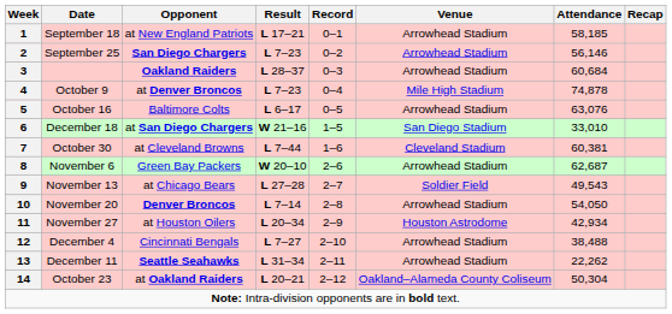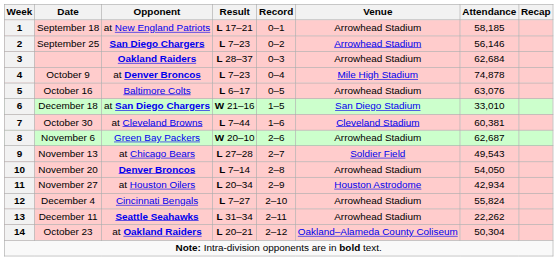 <table class="wikitable" style="text-align:center">
 <tr>
 <th>Week</th>
 <th>Date</th>
 <th>Opponent</th>
 <th>Result</th>
 <th>Record</th>
 <th>Venue</th>
 <th>Attendance</th>
 <th>Recap</th>
 </tr>
 <tr style="background:#fcc">
 <th>1</th>
 <td>September 18</td>
 <td>at <a href='#'>New England Patriots</a></td>
 <td><strong>L</strong> 17–21</td>
 <td>0–1</td>
 <td>Arrowhead Stadium</td>
 <td>58,185</td>
 <td></td>
 </tr>
 <tr style="background:#fcc">
 <th>2</th>
 <td>September 25</td>
 <td><strong><a href='#'>San Diego Chargers</a></strong></td>
 <td><strong>L</strong> 7–23</td>
 <td>0–2</td>
 <td><a href='#'>Arrowhead Stadium</a></td>
 <td>56,146</td>
 <td></td>
 </tr>
 <tr style="background:#fcc">
 <th>3</th>
 <td></td>
 <td><strong><a href='#'>Oakland Raiders</a></strong></td>
 <td><strong>L</strong> 28–37</td>
 <td>0–3</td>
 <td>Arrowhead Stadium</td>
-<td>60,684</td>
+<td>62,684</td>
 <td></td>
 </tr>
 <tr style="background:#fcc">
 <th>4</th>
 <td>October 9</td>
 <td>at <strong><a href='#'>Denver Broncos</a></strong></td>
 <td><strong>L</strong> 7–23</td>
 <td>0–4</td>
 <td><a href='#'>Mile High Stadium</a></td>
 <td>74,878</td>
 <td></td>
 </tr>
 <tr style="background:#fcc">
 <th>5</th>
 <td>October 16</td>
 <td><a href='#'>Baltimore Colts</a></td>
 <td><strong>L</strong> 6–17</td>
 <td>0–5</td>
 <td>Arrowhead Stadium</td>
 <td>63,076</td>
 <td></td>
 </tr>
 <tr style="background:#cfc">
 <th>6</th>
 <td>December 18</td>
 <td>at <strong><a href='#'>San Diego Chargers</a></strong></td>
 <td><strong>W</strong> 21–16</td>
 <td>1–5</td>
 <td><a href='#'>San Diego Stadium</a></td>
 <td>33,010</td>
 <td></td>
 </tr>
 <tr style="background:#fcc">
 <th>7</th>
 <td>October 30</td>
 <td>at <a href='#'>Cleveland Browns</a></td>
 <td><strong>L</strong> 7–44</td>
 <td>1–6</td>
 <td><a href='#'>Cleveland Stadium</a></td>
 <td>60,381</td>
 <td></td>
 </tr>
 <tr style="background:#cfc">
 <th>8</th>
 <td>November 6</td>
 <td><a href='#'>Green Bay Packers</a></td>
 <td><strong>W</strong> 20–10</td>
 <td>2–6</td>
 <td>Arrowhead Stadium</td>
 <td>62,687</td>
 <td></td>
 </tr>
 <tr style="background:#fcc">
 <th>9</th>
 <td>November 13</td>
 <td>at <a href='#'>Chicago Bears</a></td>
 <td><strong>L</strong> 27–28</td>
 <td>2–7</td>
 <td><a href='#'>Soldier Field</a></td>
 <td>49,543</td>
 <td></td>
 </tr>
 <tr style="background:#fcc">
 <th>10</th>
 <td>November 20</td>
 <td><strong><a href='#'>Denver Broncos</a></strong></td>
 <td><strong>L</strong> 7–14</td>
 <td>2–8</td>
 <td>Arrowhead Stadium</td>
 <td>54,050</td>
 <td></td>
 </tr>
 <tr style="background:#fcc">
 <th>11</th>
 <td>November 27</td>
 <td>at <a href='#'>Houston Oilers</a></td>
 <td><strong>L</strong> 20–34</td>
 <td>2–9</td>
 <td><a href='#'>Houston Astrodome</a></td>
 <td>42,934</td>
 <td></td>
 </tr>
 <tr style="background:#fcc">
 <th>12</th>
 <td>December 4</td>
 <td><a href='#'>Cincinnati Bengals</a></td>
 <td><strong>L</strong> 7–27</td>
 <td>2–10</td>
 <td>Arrowhead Stadium</td>
-<td>38,488</td>
+<td>55,824</td>
 <td></td>
 </tr>
 <tr style="background:#fcc">
 <th>13</th>
 <td>December 11</td>
 <td><strong><a href='#'>Seattle Seahawks</a></strong></td>
 <td><strong>L</strong> 31–34</td>
 <td>2–11</td>
 <td>Arrowhead Stadium</td>
 <td>22,262</td>
 <td></td>
 </tr>
 <tr style="background:#fcc">
 <th>14</th>
 <td>October 23</td>
 <td>at <strong><a href='#'>Oakland Raiders</a></strong></td>
 <td><strong>L</strong> 20–21</td>
 <td>2–12</td>
 <td><a href='#'>Oakland–Alameda County Coliseum</a></td>
 <td>50,304</td>
 <td></td>
 </tr>
 <tr>
 <td colspan="8"><strong>Note:</strong> Intra-division opponents are in <strong>bold</strong> text.</td>
 </tr>
 </table>
